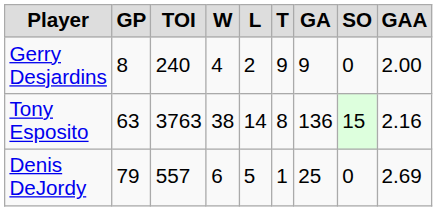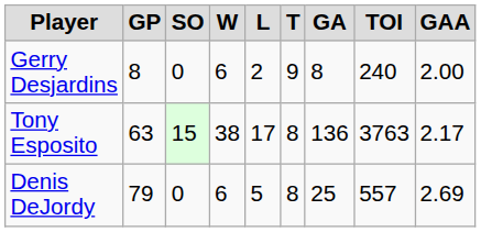 <table class="wikitable" width="50%">
 <tr align="center"  bgcolor="#dddddd">
 <td><strong>Player</strong></td>
 <td><strong>GP</strong></td>
-<td><strong>TOI</strong></td>
+<td><strong>SO</strong></td>
 <td><strong>W</strong></td>
 <td><strong>L</strong></td>
 <td><strong>T</strong></td>
 <td><strong>GA</strong></td>
-<td><strong>SO</strong></td>
+<td><strong>TOI</strong></td>
 <td><strong>GAA</strong></td>
 </tr>
 <tr>
 <td><a href='#'>Gerry Desjardins</a></td>
 <td>8</td>
-<td>240</td>
-<td>4</td>
+<td>0</td>
+<td>6</td>
 <td>2</td>
 <td>9</td>
-<td>9</td>
-<td>0</td>
+<td>8</td>
+<td>240</td>
 <td>2.00</td>
 </tr>
 <tr>
 <td><a href='#'>Tony Esposito</a></td>
 <td>63</td>
-<td>3763</td>
+<td style="background:#DDFFDD;">15</td>
 <td>38</td>
-<td>14</td>
+<td>17</td>
 <td>8</td>
 <td>136</td>
-<td style="background:#DDFFDD;">15</td>
-<td>2.16</td>
+<td>3763</td>
+<td>2.17</td>
 </tr>
 <tr>
 <td><a href='#'>Denis DeJordy</a></td>
 <td>79</td>
-<td>557</td>
+<td>0</td>
 <td>6</td>
 <td>5</td>
-<td>1</td>
+<td>8</td>
 <td>25</td>
-<td>0</td>
+<td>557</td>
 <td>2.69</td>
 </tr>
 </table>
